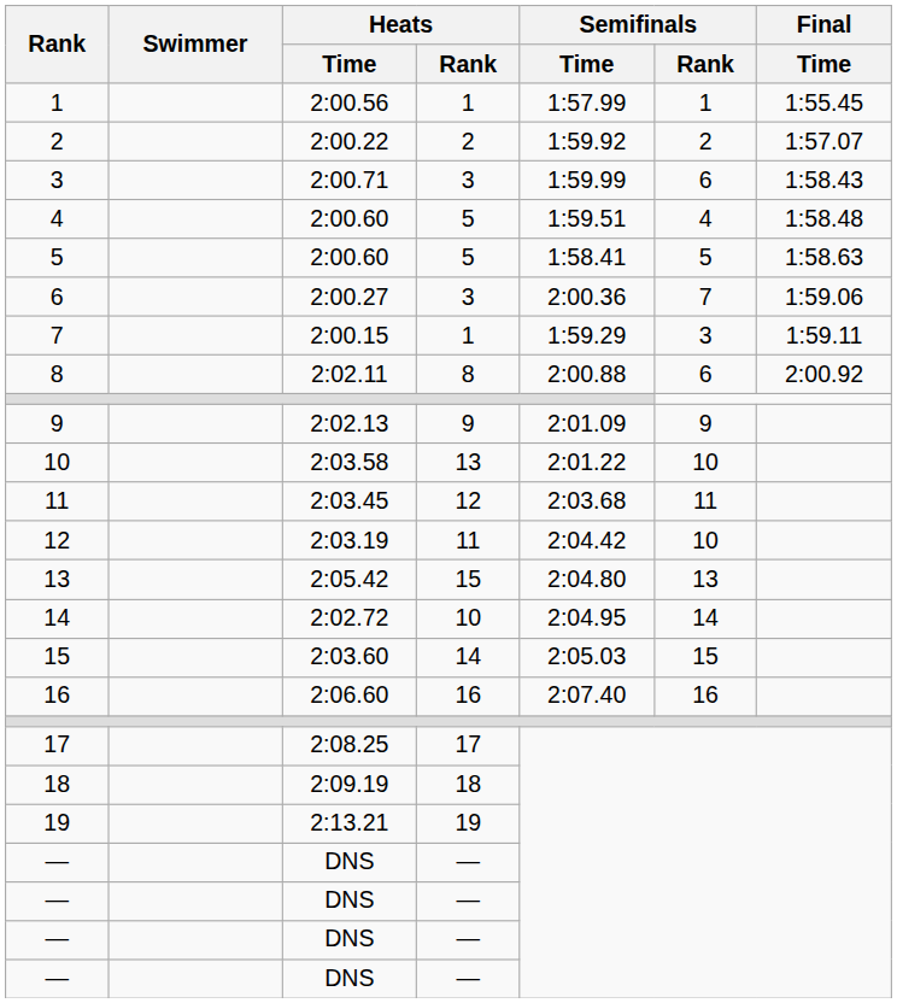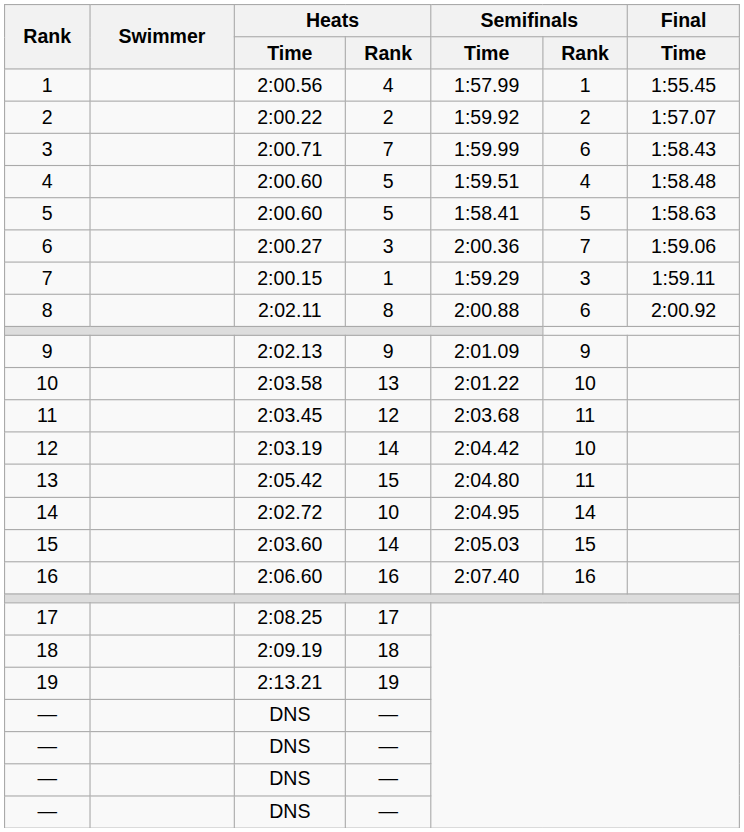 <table class="wikitable" style=" text-align:center; font-size:110%;" width="75%">
 <tr>
 <th rowspan="2">Rank</th>
 <th rowspan="2">Swimmer</th>
 <th colspan="2">Heats</th>
 <th colspan="2">Semifinals</th>
 <th>Final</th>
 </tr>
 <tr>
 <th>Time</th>
 <th>Rank</th>
 <th>Time</th>
 <th>Rank</th>
 <th>Time</th>
 </tr>
 <tr>
 <td>1</td>
 <td align="left"></td>
 <td>2:00.56</td>
-<td>1</td>
+<td>4</td>
 <td>1:57.99</td>
 <td>1</td>
 <td>1:55.45</td>
 </tr>
 <tr>
 <td>2</td>
 <td align=left></td>
 <td>2:00.22</td>
 <td>2</td>
 <td>1:59.92</td>
 <td>2</td>
 <td>1:57.07</td>
 </tr>
 <tr>
 <td>3</td>
 <td align=left></td>
 <td>2:00.71</td>
-<td>3</td>
+<td>7</td>
 <td>1:59.99</td>
 <td>6</td>
 <td>1:58.43</td>
 </tr>
 <tr>
 <td>4</td>
 <td align=left></td>
 <td>2:00.60</td>
 <td>5</td>
 <td>1:59.51</td>
 <td>4</td>
 <td>1:58.48</td>
 </tr>
 <tr>
 <td>5</td>
 <td align=left></td>
 <td>2:00.60</td>
 <td>5</td>
 <td>1:58.41</td>
 <td>5</td>
 <td>1:58.63</td>
 </tr>
 <tr>
 <td>6</td>
 <td align=left></td>
 <td>2:00.27</td>
 <td>3</td>
 <td>2:00.36</td>
 <td>7</td>
 <td>1:59.06</td>
 </tr>
 <tr>
 <td>7</td>
 <td align=left></td>
 <td>2:00.15</td>
 <td>1</td>
 <td>1:59.29</td>
 <td>3</td>
 <td>1:59.11</td>
 </tr>
 <tr>
 <td>8</td>
 <td align=left></td>
 <td>2:02.11</td>
 <td>8</td>
 <td>2:00.88</td>
 <td>6</td>
 <td>2:00.92</td>
 </tr>
 <tr bgcolor=#DDDDDD>
 <td colspan=5></td>
 </tr>
 <tr>
 <td>9</td>
 <td align=left></td>
 <td>2:02.13</td>
 <td>9</td>
 <td>2:01.09</td>
 <td>9</td>
 <td></td>
 </tr>
 <tr>
 <td>10</td>
 <td align=left></td>
 <td>2:03.58</td>
 <td>13</td>
 <td>2:01.22</td>
 <td>10</td>
 <td></td>
 </tr>
 <tr>
 <td>11</td>
 <td align=left></td>
 <td>2:03.45</td>
 <td>12</td>
 <td>2:03.68</td>
 <td>11</td>
 <td></td>
 </tr>
 <tr>
 <td>12</td>
 <td align=left></td>
 <td>2:03.19</td>
-<td>11</td>
+<td>14</td>
 <td>2:04.42</td>
 <td>10</td>
 <td></td>
 </tr>
 <tr>
 <td>13</td>
 <td align=left></td>
 <td>2:05.42</td>
 <td>15</td>
 <td>2:04.80</td>
-<td>13</td>
+<td>11</td>
 <td></td>
 </tr>
 <tr>
 <td>14</td>
 <td align=left></td>
 <td>2:02.72</td>
 <td>10</td>
 <td>2:04.95</td>
 <td>14</td>
 <td></td>
 </tr>
 <tr>
 <td>15</td>
 <td align=left></td>
 <td>2:03.60</td>
 <td>14</td>
 <td>2:05.03</td>
 <td>15</td>
 <td></td>
 </tr>
 <tr>
 <td>16</td>
 <td align=left></td>
 <td>2:06.60</td>
 <td>16</td>
 <td>2:07.40</td>
 <td>16</td>
 <td></td>
 </tr>
 <tr bgcolor=#DDDDDD>
 <td colspan=7></td>
 </tr>
 <tr>
 <td>17</td>
 <td align=left></td>
 <td>2:08.25</td>
 <td>17</td>
 </tr>
 <tr>
 <td>18</td>
 <td align=left></td>
 <td>2:09.19</td>
 <td>18</td>
 </tr>
 <tr>
 <td>19</td>
 <td align=left></td>
 <td>2:13.21</td>
 <td>19</td>
 </tr>
 <tr>
 <td>—</td>
 <td align=left></td>
 <td>DNS</td>
 <td>—</td>
 </tr>
 <tr>
 <td>—</td>
 <td align=left></td>
 <td>DNS</td>
 <td>—</td>
 </tr>
 <tr>
 <td>—</td>
 <td align=left></td>
 <td>DNS</td>
 <td>—</td>
 </tr>
 <tr>
 <td>—</td>
 <td align=left></td>
 <td>DNS</td>
 <td>—</td>
 </tr>
 </table>
